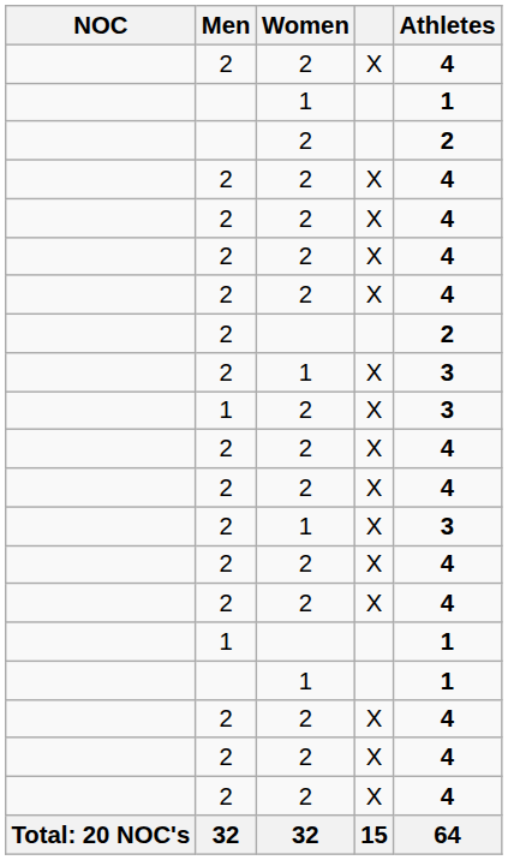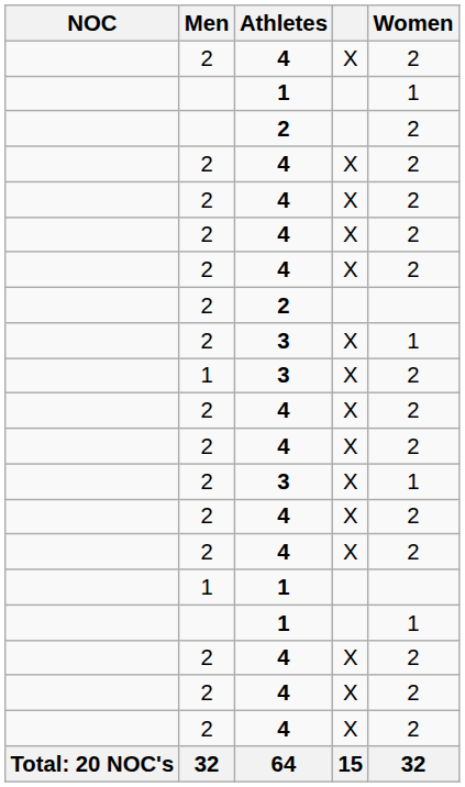 <table class="wikitable sortable" style="text-align:center; font-size:90%">
 <tr>
 <th>NOC</th>
 <th>Men</th>
+<th>Athletes</th>
+<th></th>
 <th>Women</th>
-<th></th>
-<th>Athletes</th>
 </tr>
 <tr>
 <td align=left></td>
 <td>2</td>
+<td><strong>4</strong></td>
+<td>X</td>
 <td>2</td>
-<td>X</td>
-<td><strong>4</strong></td>
 </tr>
 <tr>
 <td align=left></td>
 <td></td>
+<td><strong>1</strong></td>
+<td></td>
 <td>1</td>
-<td></td>
-<td><strong>1</strong></td>
 </tr>
 <tr>
 <td align=left></td>
 <td></td>
+<td><strong>2</strong></td>
+<td></td>
 <td>2</td>
-<td></td>
-<td><strong>2</strong></td>
 </tr>
 <tr>
 <td align=left></td>
 <td>2</td>
+<td><strong>4</strong></td>
+<td>X</td>
 <td>2</td>
-<td>X</td>
-<td><strong>4</strong></td>
 </tr>
 <tr>
 <td align=left></td>
 <td>2</td>
+<td><strong>4</strong></td>
+<td>X</td>
 <td>2</td>
-<td>X</td>
-<td><strong>4</strong></td>
 </tr>
 <tr>
 <td align=left></td>
 <td>2</td>
+<td><strong>4</strong></td>
+<td>X</td>
 <td>2</td>
-<td>X</td>
-<td><strong>4</strong></td>
 </tr>
 <tr>
 <td align=left></td>
 <td>2</td>
+<td><strong>4</strong></td>
+<td>X</td>
 <td>2</td>
-<td>X</td>
-<td><strong>4</strong></td>
 </tr>
 <tr>
 <td align=left></td>
 <td>2</td>
+<td><strong>2</strong></td>
 <td></td>
 <td></td>
-<td><strong>2</strong></td>
 </tr>
 <tr>
 <td align=left></td>
 <td>2</td>
+<td><strong>3</strong></td>
+<td>X</td>
 <td>1</td>
-<td>X</td>
-<td><strong>3</strong></td>
 </tr>
 <tr>
 <td align=left></td>
 <td>1</td>
+<td><strong>3</strong></td>
+<td>X</td>
 <td>2</td>
-<td>X</td>
-<td><strong>3</strong></td>
 </tr>
 <tr>
 <td align=left></td>
 <td>2</td>
+<td><strong>4</strong></td>
+<td>X</td>
 <td>2</td>
-<td>X</td>
-<td><strong>4</strong></td>
 </tr>
 <tr>
 <td align=left></td>
 <td>2</td>
+<td><strong>4</strong></td>
+<td>X</td>
 <td>2</td>
-<td>X</td>
-<td><strong>4</strong></td>
 </tr>
 <tr>
 <td align=left></td>
 <td>2</td>
+<td><strong>3</strong></td>
+<td>X</td>
 <td>1</td>
-<td>X</td>
-<td><strong>3</strong></td>
 </tr>
 <tr>
 <td align=left></td>
 <td>2</td>
+<td><strong>4</strong></td>
+<td>X</td>
 <td>2</td>
-<td>X</td>
-<td><strong>4</strong></td>
 </tr>
 <tr>
 <td align=left></td>
 <td>2</td>
+<td><strong>4</strong></td>
+<td>X</td>
 <td>2</td>
-<td>X</td>
-<td><strong>4</strong></td>
 </tr>
 <tr>
 <td align=left></td>
 <td>1</td>
+<td><strong>1</strong></td>
 <td></td>
 <td></td>
-<td><strong>1</strong></td>
 </tr>
 <tr>
 <td align=left></td>
 <td></td>
+<td><strong>1</strong></td>
+<td></td>
 <td>1</td>
-<td></td>
-<td><strong>1</strong></td>
 </tr>
 <tr>
 <td align=left></td>
 <td>2</td>
+<td><strong>4</strong></td>
+<td>X</td>
 <td>2</td>
-<td>X</td>
-<td><strong>4</strong></td>
 </tr>
 <tr>
 <td align=left></td>
 <td>2</td>
+<td><strong>4</strong></td>
+<td>X</td>
 <td>2</td>
-<td>X</td>
-<td><strong>4</strong></td>
 </tr>
 <tr>
 <td align=left></td>
 <td>2</td>
+<td><strong>4</strong></td>
+<td>X</td>
 <td>2</td>
-<td>X</td>
-<td><strong>4</strong></td>
 </tr>
 <tr>
 <th>Total: 20 NOC's</th>
 <th>32</th>
+<th>64</th>
+<th>15</th>
 <th>32</th>
-<th>15</th>
-<th>64</th>
 </tr>
 </table>
